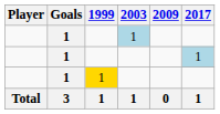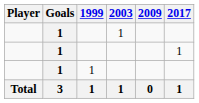 <table class="wikitable sortable" style="text-align:center;">
 <tr>
 <th>Player</th>
 <th>Goals</th>
 <th><a href='#'>1999</a></th>
 <th><a href='#'>2003</a></th>
 <th><a href='#'>2009</a></th>
 <th><a href='#'>2017</a></th>
 </tr>
 <tr>
 <td align="left"></td>
 <th>1</th>
 <td></td>
-<td style="background: lightblue;">1</td>
+<td>1</td>
 <td></td>
 </tr>
 <tr>
 <td align="left"></td>
 <th>1</th>
 <td></td>
 <td></td>
 <td></td>
-<td style="background: lightblue;">1</td>
+<td>1</td>
 </tr>
 <tr>
 <td align="left"></td>
 <th>1</th>
-<td style="background: gold;">1</td>
+<td>1</td>
 <td></td>
 <td></td>
 </tr>
 <tr class="sortbottom">
 <th>Total</th>
 <th>3</th>
 <th>1</th>
 <th>1</th>
 <th>0</th>
 <th>1</th>
 </tr>
 </table>
